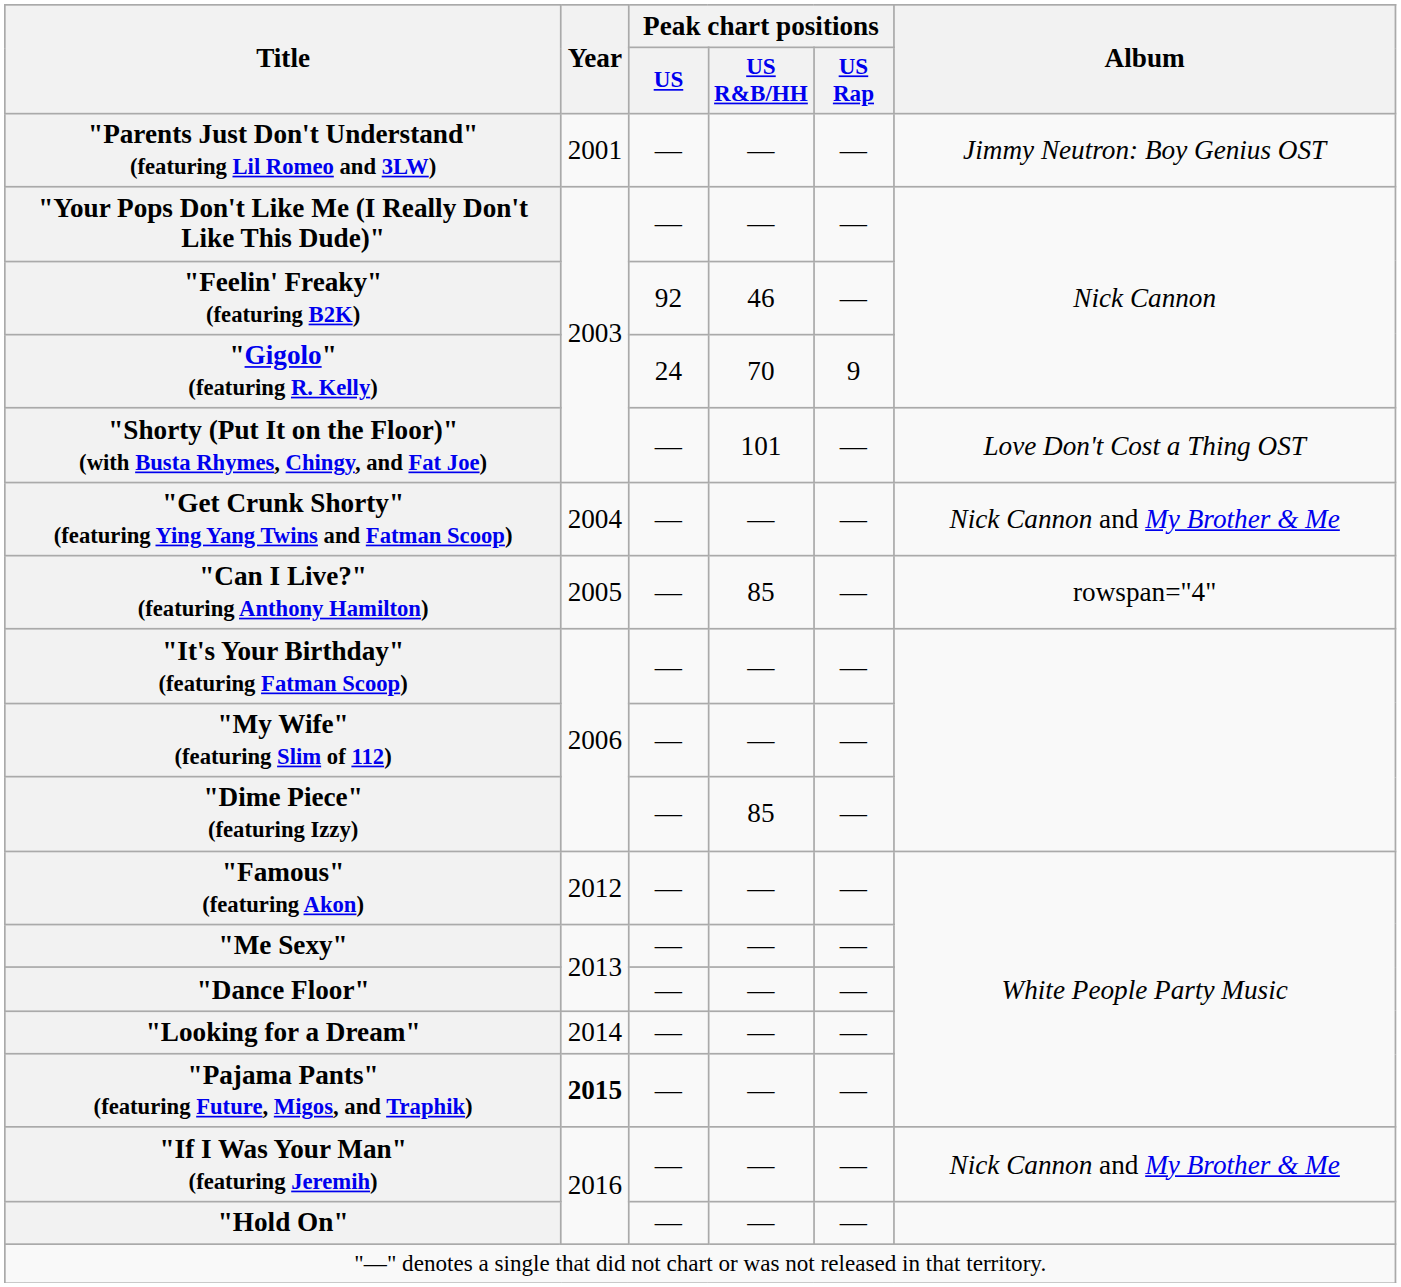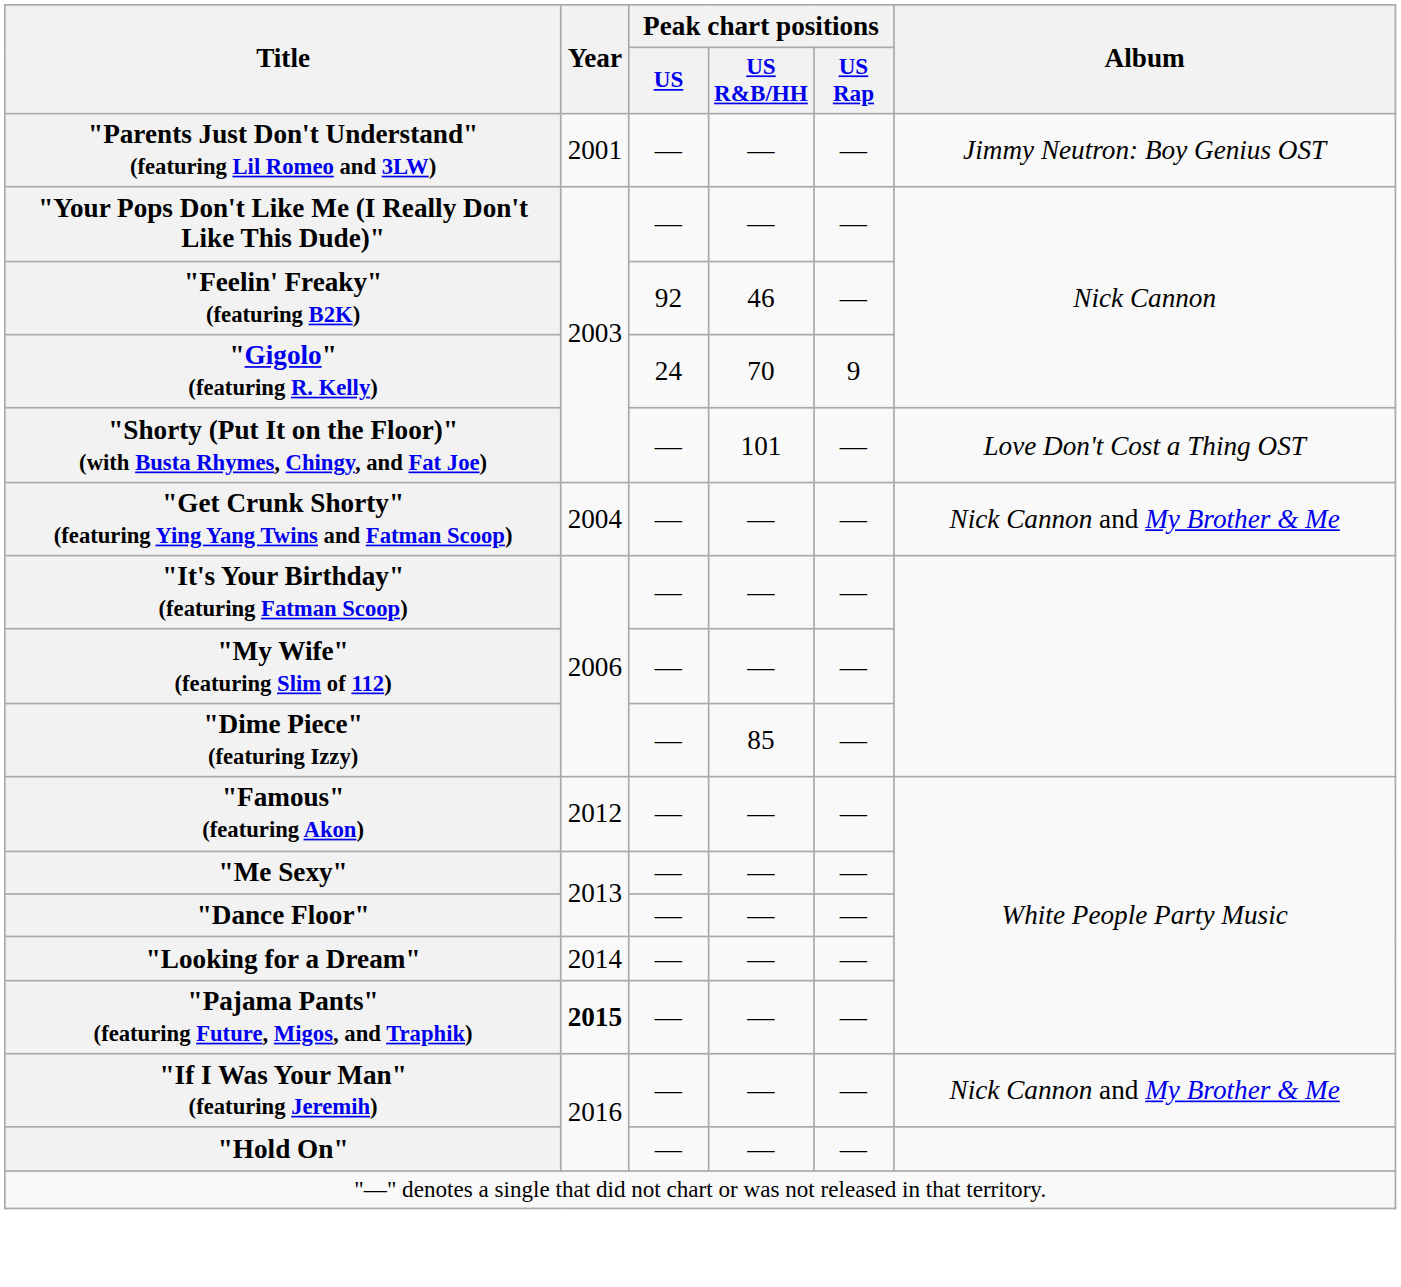 <table class="wikitable plainrowheaders" style="text-align:center;">
 <tr>
 <th scope="col" rowspan="2" style="width:20em;">Title</th>
 <th scope="col" rowspan="2" style="width:1em;">Year</th>
 <th scope="col" colspan="3">Peak chart positions</th>
 <th scope="col" rowspan="2" style="width:18em;">Album</th>
 </tr>
 <tr>
 <th scope="col" style="width:3em;font-size:85%;"><a href='#'>US</a><br></th>
 <th scope="col" style="width:3em;font-size:85%;"><a href='#'>US<br>R&B/HH</a><br></th>
 <th scope="col" style="width:3em;font-size:85%;"><a href='#'>US<br>Rap</a><br></th>
 </tr>
 <tr>
 <th scope="row">"Parents Just Don't Understand"<br><small>(featuring <a href='#'>Lil Romeo</a> and <a href='#'>3LW</a>)</small></th>
 <td>2001</td>
 <td>—</td>
 <td>—</td>
 <td>—</td>
 <td><em>Jimmy Neutron: Boy Genius OST</em></td>
 </tr>
 <tr>
 <th scope="row">"Your Pops Don't Like Me (I Really Don't Like This Dude)"</th>
 <td rowspan="4">2003</td>
 <td>—</td>
 <td>—</td>
 <td>—</td>
 <td rowspan="3"><em>Nick Cannon</em></td>
 </tr>
 <tr>
 <th scope="row">"Feelin' Freaky"<br><small>(featuring <a href='#'>B2K</a>)</small></th>
 <td>92</td>
 <td>46</td>
 <td>—</td>
 </tr>
 <tr>
 <th scope="row">"<a href='#'>Gigolo</a>"<br><small>(featuring <a href='#'>R. Kelly</a>)</small></th>
 <td>24</td>
 <td>70</td>
 <td>9</td>
 </tr>
 <tr>
 <th scope="row">"Shorty (Put It on the Floor)"<br><small>(with <a href='#'>Busta Rhymes</a>, <a href='#'>Chingy</a>, and <a href='#'>Fat Joe</a>)</small></th>
 <td>—</td>
 <td>101</td>
 <td>—</td>
 <td><em>Love Don't Cost a Thing OST</em></td>
 </tr>
 <tr>
 <th scope="row">"Get Crunk Shorty"<br><small>(featuring <a href='#'>Ying Yang Twins</a> and <a href='#'>Fatman Scoop</a>)</small></th>
 <td>2004</td>
 <td>—</td>
 <td>—</td>
 <td>—</td>
 <td><em>Nick Cannon</em> and <em><a href='#'>My Brother & Me</a></em></td>
-</tr>
-<tr>
-<th scope="row">"Can I Live?"<br><small>(featuring <a href='#'>Anthony Hamilton</a>)</small></th>
-<td>2005</td>
-<td>—</td>
-<td>85</td>
-<td>—</td>
-<td>rowspan="4" </td>
 </tr>
 <tr>
 <th scope="row">"It's Your Birthday"<br><small>(featuring <a href='#'>Fatman Scoop</a>)</small></th>
 <td rowspan="3">2006</td>
 <td>—</td>
 <td>—</td>
 <td>—</td>
 </tr>
 <tr>
 <th scope="row">"My Wife"<br><small>(featuring <a href='#'>Slim</a> of <a href='#'>112</a>)</small></th>
 <td>—</td>
 <td>—</td>
 <td>—</td>
 </tr>
 <tr>
 <th scope="row">"Dime Piece"<br><small>(featuring Izzy)</small></th>
 <td>—</td>
 <td>85</td>
 <td>—</td>
 </tr>
 <tr>
 <th scope="row">"Famous"<br><small>(featuring <a href='#'>Akon</a>)</small></th>
 <td>2012</td>
 <td>—</td>
 <td>—</td>
 <td>—</td>
 <td rowspan="5"><em>White People Party Music</em></td>
 </tr>
 <tr>
 <th scope="row">"Me Sexy"</th>
 <td rowspan="2">2013</td>
 <td>—</td>
 <td>—</td>
 <td>—</td>
 </tr>
 <tr>
 <th scope="row">"Dance Floor"</th>
 <td>—</td>
 <td>—</td>
 <td>—</td>
 </tr>
 <tr>
 <th scope="row">"Looking for a Dream"</th>
 <td>2014</td>
 <td>—</td>
 <td>—</td>
 <td>—</td>
 </tr>
 <tr>
 <th scope="row">"Pajama Pants"<br><small>(featuring <a href='#'>Future</a>, <a href='#'>Migos</a>, and <a href='#'>Traphik</a>)</small></th>
 <td><strong>2015</strong></td>
 <td>—</td>
 <td>—</td>
 <td>—</td>
 </tr>
 <tr>
 <th scope="row">"If I Was Your Man"<br><small>(featuring <a href='#'>Jeremih</a>)</small></th>
 <td rowspan="2">2016</td>
 <td>—</td>
 <td>—</td>
 <td>—</td>
 <td><em>Nick Cannon</em> and <em><a href='#'>My Brother & Me</a></em></td>
 </tr>
 <tr>
 <th scope="row">"Hold On"</th>
 <td>—</td>
 <td>—</td>
 <td>—</td>
 <td></td>
 </tr>
 <tr>
 <td colspan="6" style="font-size:85%">"—" denotes a single that did not chart or was not released in that territory.</td>
 </tr>
 </table>
